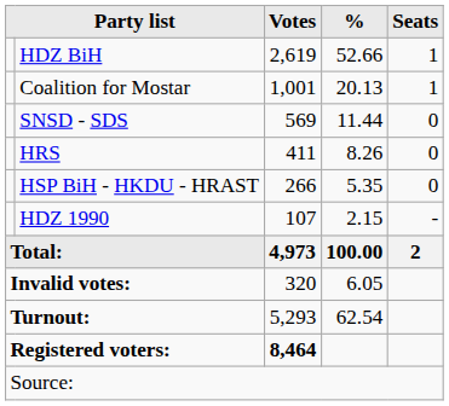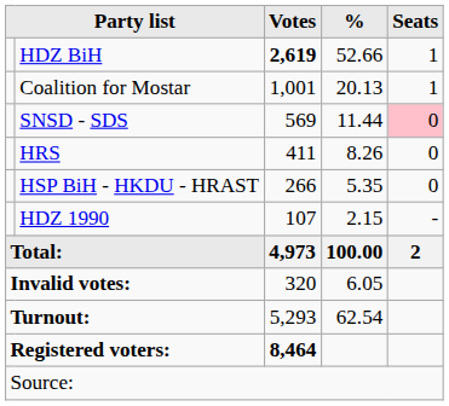 <table class="wikitable" border="1">
 <tr>
 <th colspan="2" align="center" style="background-color:#E9E9E9">Party list</th>
 <th align="center" style="background-color:#E9E9E9">Votes</th>
 <th align="center" style="background-color:#E9E9E9">%</th>
 <th align="center" style="background-color:#E9E9E9">Seats</th>
 </tr>
 <tr>
 <td></td>
 <td align="left"><a href='#'>HDZ BiH</a></td>
-<td align="right">2,619</td>
+<td align="right"><strong>2,619</strong></td>
 <td align="right">52.66</td>
 <td align="right">1</td>
 </tr>
 <tr>
 <td></td>
 <td align="left">Coalition for Mostar</td>
 <td align="right">1,001</td>
 <td align="right">20.13</td>
 <td align="right">1</td>
 </tr>
 <tr>
 <td></td>
 <td align="left"><a href='#'>SNSD</a> - <a href='#'>SDS</a></td>
 <td align="right">569</td>
 <td align="right">11.44</td>
-<td align="right">0</td>
+<td align="right" style="background: pink;">0</td>
 </tr>
 <tr>
 <td></td>
 <td align="left"><a href='#'>HRS</a></td>
 <td align="right">411</td>
 <td align="right">8.26</td>
 <td align="right">0</td>
 </tr>
 <tr>
 <td></td>
 <td align="left"><a href='#'>HSP BiH</a> - <a href='#'>HKDU</a> - HRAST</td>
 <td align="right">266</td>
 <td align="right">5.35</td>
 <td align="right">0</td>
 </tr>
 <tr>
 <td></td>
 <td align="left"><a href='#'>HDZ 1990</a></td>
 <td align="right">107</td>
 <td align="right">2.15</td>
 <td align="right">-</td>
 </tr>
 <tr style="background-color:#E9E9E9">
 <td colspan="2" align="left"><strong>Total:</strong></td>
 <th align="right">4,973</th>
 <th align="right">100.00</th>
 <th align="right">2</th>
 </tr>
 <tr>
 <td colspan="2" align="left"><strong>Invalid votes:</strong></td>
 <td align="right">320</td>
 <td align="right">6.05</td>
 <td align="right"></td>
 </tr>
 <tr>
 <td colspan="2" align="left"><strong>Turnout:</strong></td>
 <td align="right">5,293</td>
 <td align="right">62.54</td>
 <td align="right"></td>
 </tr>
 <tr>
 <td colspan="2" align="left"><strong>Registered voters:</strong></td>
 <td align="right"><strong>8,464</strong></td>
 <td align="right"></td>
 <td align="right"></td>
 </tr>
 <tr>
 <td colspan="5" align="left">Source: </td>
 </tr>
 </table>
